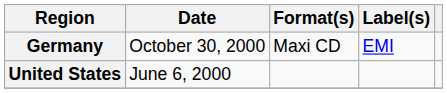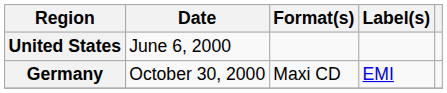 <table class="wikitable sortable plainrowheaders">
 <tr>
 <th scope="col">Region</th>
 <th scope="col">Date</th>
 <th scope="col">Format(s)</th>
 <th scope="col">Label(s)</th>
 <th scope="col"></th>
 </tr>
 <tr>
+<th scope="row">United States</th>
+<td>June 6, 2000</td>
+<td></td>
+<td></td>
+<td></td>
+</tr>
+<tr>
 <th scope="row">Germany</th>
 <td>October 30, 2000</td>
 <td>Maxi CD</td>
 <td><a href='#'>EMI</a></td>
 <td align="center"></td>
 </tr>
 <tr>
-<th scope="row">United States</th>
-<td>June 6, 2000</td>
-<td></td>
-<td></td>
-<td></td>
-</tr>
-<tr>
 </tr>
 </table>
